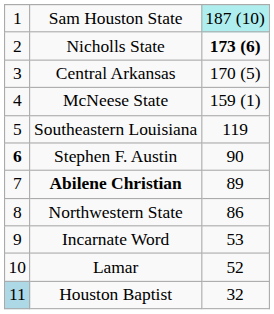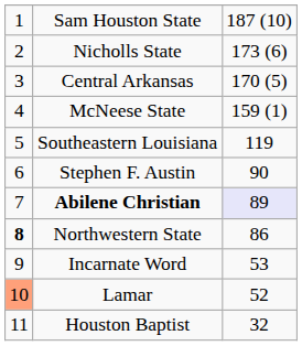 <table class="wikitable">
 <tr align="center">
 </tr>
 <tr align="center">
 <td>1</td>
 <td>Sam Houston State</td>
-<td style="background: paleturquoise;">187 (10)</td>
+<td>187 (10)</td>
 </tr>
 <tr align="center">
 <td>2</td>
 <td>Nicholls State</td>
-<td><strong>173 (6)</strong></td>
+<td>173 (6)</td>
 </tr>
 <tr align="center">
 <td>3</td>
 <td>Central Arkansas</td>
 <td>170 (5)</td>
 </tr>
 <tr align="center">
 <td>4</td>
 <td>McNeese State</td>
 <td>159 (1)</td>
 </tr>
 <tr align="center">
 <td>5</td>
 <td>Southeastern Louisiana</td>
 <td>119</td>
 </tr>
 <tr align="center">
-<td><strong>6</strong></td>
+<td>6</td>
 <td>Stephen F. Austin</td>
 <td>90</td>
 </tr>
 <tr align="center">
 <td>7</td>
 <td><strong>Abilene Christian</strong></td>
-<td>89</td>
+<td style="background: lavender;">89</td>
 </tr>
 <tr align="center">
-<td>8</td>
+<td><strong>8</strong></td>
 <td>Northwestern State</td>
 <td>86</td>
 </tr>
 <tr align="center">
 <td>9</td>
 <td>Incarnate Word</td>
 <td>53</td>
 </tr>
 <tr align="center">
-<td>10</td>
+<td style="background: lightsalmon;">10</td>
 <td>Lamar</td>
 <td>52</td>
 </tr>
 <tr align="center">
-<td style="background: lightblue;">11</td>
+<td>11</td>
 <td>Houston Baptist</td>
 <td>32</td>
 </tr>
 </table>
